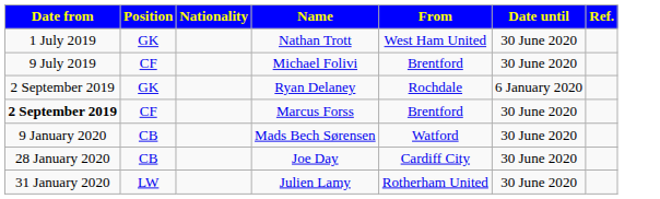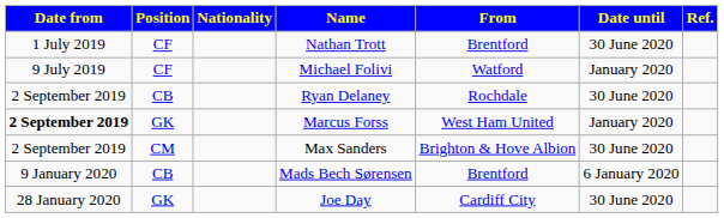 <table class="wikitable"  style="text-align:center; font-size:90%; ">
 <tr>
 <th style="background:#0000ff; color:#FFFF00; ">Date from</th>
 <th style="background:#0000ff; color:#FFFF00; ">Position</th>
 <th style="background:#0000ff; color:#FFFF00; ">Nationality</th>
 <th style="background:#0000ff; color:#FFFF00; ">Name</th>
 <th style="background:#0000ff; color:#FFFF00; ">From</th>
 <th style="background:#0000ff; color:#FFFF00; ">Date until</th>
 <th style="background:#0000ff; color:#FFFF00; ">Ref.</th>
 </tr>
 <tr>
 <td>1 July 2019</td>
-<td><a href='#'>GK</a></td>
+<td><a href='#'>CF</a></td>
 <td></td>
 <td><a href='#'>Nathan Trott</a></td>
-<td> <a href='#'>West Ham United</a></td>
+<td> <a href='#'>Brentford</a></td>
 <td>30 June 2020</td>
 <td></td>
 </tr>
 <tr>
 <td>9 July 2019</td>
 <td><a href='#'>CF</a></td>
 <td></td>
 <td><a href='#'>Michael Folivi</a></td>
-<td> <a href='#'>Brentford</a></td>
+<td> <a href='#'>Watford</a></td>
+<td>January 2020</td>
+<td></td>
+</tr>
+<tr>
+<td>2 September 2019</td>
+<td><a href='#'>CB</a></td>
+<td></td>
+<td><a href='#'>Ryan Delaney</a></td>
+<td> <a href='#'>Rochdale</a></td>
 <td>30 June 2020</td>
 <td></td>
 </tr>
 <tr>
-<td>2 September 2019</td>
+<td><strong>2 September 2019</strong></td>
 <td><a href='#'>GK</a></td>
 <td></td>
-<td><a href='#'>Ryan Delaney</a></td>
-<td> <a href='#'>Rochdale</a></td>
-<td>6 January 2020</td>
+<td><a href='#'>Marcus Forss</a></td>
+<td> <a href='#'>West Ham United</a></td>
+<td>January 2020</td>
 <td></td>
 </tr>
 <tr>
-<td><strong>2 September 2019</strong></td>
-<td><a href='#'>CF</a></td>
+<td>2 September 2019</td>
+<td><a href='#'>CM</a></td>
 <td></td>
-<td><a href='#'>Marcus Forss</a></td>
-<td> <a href='#'>Brentford</a></td>
+<td>Max Sanders</td>
+<td> <a href='#'>Brighton & Hove Albion</a></td>
 <td>30 June 2020</td>
 <td></td>
 </tr>
 <tr>
 <td>9 January 2020</td>
 <td><a href='#'>CB</a></td>
 <td></td>
 <td><a href='#'>Mads Bech Sørensen</a></td>
-<td> <a href='#'>Watford</a></td>
-<td>30 June 2020</td>
+<td> <a href='#'>Brentford</a></td>
+<td>6 January 2020</td>
 <td></td>
 </tr>
 <tr>
 <td>28 January 2020</td>
-<td><a href='#'>CB</a></td>
+<td><a href='#'>GK</a></td>
 <td></td>
 <td><a href='#'>Joe Day</a></td>
 <td> <a href='#'>Cardiff City</a></td>
 <td>30 June 2020</td>
 <td></td>
 </tr>
-<tr>
-<td>31 January 2020</td>
-<td><a href='#'>LW</a></td>
-<td></td>
-<td><a href='#'>Julien Lamy</a></td>
-<td> <a href='#'>Rotherham United</a></td>
-<td>30 June 2020</td>
-<td></td>
-</tr>
 </table>
